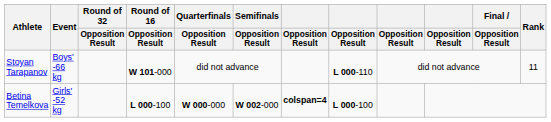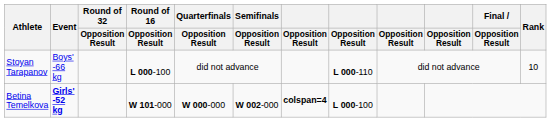 <table class="wikitable" style="font-size:90%">
 <tr>
 <th rowspan="2">Athlete</th>
 <th rowspan="2">Event</th>
 <th>Round of 32</th>
 <th>Round of 16</th>
 <th>Quarterfinals</th>
 <th>Semifinals</th>
 <th></th>
 <th></th>
 <th></th>
 <th></th>
 <th>Final / </th>
 <th rowspan=2>Rank</th>
 </tr>
 <tr style="font-size:95%">
 <th>Opposition<br>Result</th>
 <th>Opposition<br>Result</th>
 <th>Opposition<br>Result</th>
 <th>Opposition<br>Result</th>
 <th>Opposition<br>Result</th>
 <th>Opposition<br>Result</th>
 <th>Opposition<br>Result</th>
 <th>Opposition<br>Result</th>
 <th>Opposition<br>Result</th>
 </tr>
 <tr align=center>
 <td align=left><a href='#'>Stoyan Tarapanov</a></td>
 <td align=left><a href='#'>Boys' -66 kg</a></td>
 <td></td>
-<td><br><strong>W</strong> <strong>101</strong>-000</td>
+<td><br><strong>L</strong> <strong>000</strong>-100</td>
 <td colspan=2>did not advance</td>
 <td></td>
 <td><br><strong>L</strong> <strong>000</strong>-110</td>
 <td colspan=3>did not advance</td>
-<td>11</td>
+<td>10</td>
 </tr>
 <tr align=center>
 <td align=left><a href='#'>Betina Temelkova</a></td>
-<td align=left><a href='#'>Girls' -52 kg</a></td>
+<td align=left><strong><a href='#'>Girls' -52 kg</a></strong></td>
 <td></td>
-<td><br><strong>L</strong> <strong>000</strong>-100</td>
+<td><br><strong>W</strong> <strong>101</strong>-000</td>
 <td><br><strong>W</strong> <strong>000</strong>-000</td>
 <td><br><strong>W</strong> <strong>002</strong>-000</td>
 <td><strong>colspan=4 </strong></td>
 <td><br><strong>L</strong> <strong>000</strong>-100</td>
 <td></td>
 </tr>
 </table>
